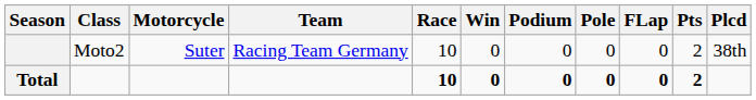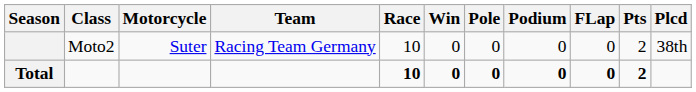 <table class="wikitable" style="text-align:right">
 <tr>
 <th>Season</th>
 <th>Class</th>
 <th>Motorcycle</th>
 <th>Team</th>
 <th>Race</th>
 <th>Win</th>
+<th>Pole</th>
 <th>Podium</th>
-<th>Pole</th>
 <th>FLap</th>
 <th>Pts</th>
 <th>Plcd</th>
 </tr>
 <tr>
 <th></th>
 <td>Moto2</td>
 <td><a href='#'>Suter</a></td>
 <td><a href='#'>Racing Team Germany</a></td>
 <td>10</td>
 <td>0</td>
 <td>0</td>
 <td>0</td>
 <td>0</td>
 <td>2</td>
 <td>38th</td>
 </tr>
 <tr>
 <th>Total</th>
 <td></td>
 <td></td>
 <td></td>
 <td><strong>10</strong></td>
 <td><strong>0</strong></td>
 <td><strong>0</strong></td>
 <td><strong>0</strong></td>
 <td><strong>0</strong></td>
 <td><strong>2</strong></td>
 <td></td>
 </tr>
 </table>
